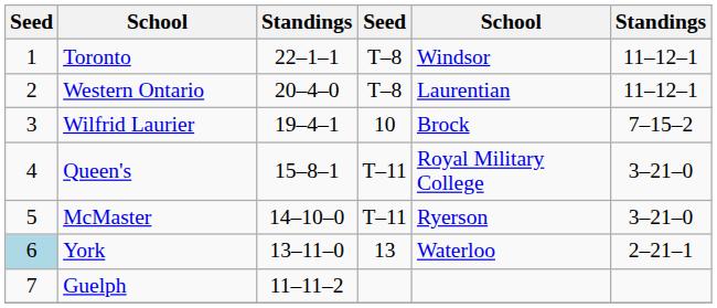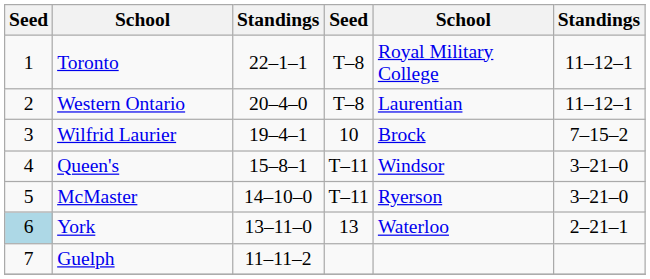 <table class="wikitable">
 <tr>
 <th>Seed</th>
 <th style="width:140px">School</th>
 <th>Standings</th>
 <th>Seed</th>
 <th style="width:140px">School</th>
 <th>Standings</th>
 </tr>
 <tr>
 <td align=center>1</td>
 <td><a href='#'>Toronto</a></td>
 <td align=center>22–1–1</td>
 <td align=center>T–8</td>
-<td><a href='#'>Windsor</a></td>
+<td><a href='#'>Royal Military College</a></td>
 <td align=center>11–12–1</td>
 </tr>
 <tr>
 <td align=center>2</td>
 <td><a href='#'>Western Ontario</a></td>
 <td align=center>20–4–0</td>
 <td align=center>T–8</td>
 <td><a href='#'>Laurentian</a></td>
 <td align=center>11–12–1</td>
 </tr>
 <tr>
 <td align=center>3</td>
 <td><a href='#'>Wilfrid Laurier</a></td>
 <td align=center>19–4–1</td>
 <td align=center>10</td>
 <td><a href='#'>Brock</a></td>
 <td align=center>7–15–2</td>
 </tr>
 <tr>
 <td align=center>4</td>
 <td><a href='#'>Queen's</a></td>
 <td align=center>15–8–1</td>
 <td align=center>T–11</td>
-<td><a href='#'>Royal Military College</a></td>
+<td><a href='#'>Windsor</a></td>
 <td align=center>3–21–0</td>
 </tr>
 <tr>
 <td align=center>5</td>
 <td><a href='#'>McMaster</a></td>
 <td align=center>14–10–0</td>
 <td align=center>T–11</td>
 <td><a href='#'>Ryerson</a></td>
 <td align=center>3–21–0</td>
 </tr>
 <tr>
 <td align=center style="background: lightblue;">6</td>
 <td><a href='#'>York</a></td>
 <td align=center>13–11–0</td>
 <td align=center>13</td>
 <td><a href='#'>Waterloo</a></td>
 <td align=center>2–21–1</td>
 </tr>
 <tr>
 <td align=center>7</td>
 <td><a href='#'>Guelph</a></td>
 <td align=center>11–11–2</td>
 <td></td>
 <td></td>
 <td></td>
 </tr>
 <tr>
 </tr>
 </table>
